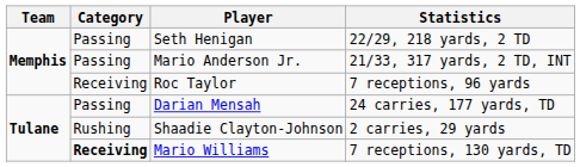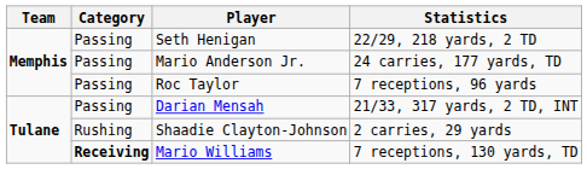 <table class="wikitable" style="float: right;">
 <tr>
 <th>Team</th>
 <th>Category</th>
 <th>Player</th>
 <th>Statistics</th>
 </tr>
 <tr>
 <td rowspan=3><strong>Memphis</strong></td>
 <td>Passing</td>
 <td>Seth Henigan</td>
 <td>22/29, 218 yards, 2 TD</td>
 </tr>
 <tr>
 <td>Passing</td>
 <td>Mario Anderson Jr.</td>
-<td>21/33, 317 yards, 2 TD, INT</td>
+<td>24 carries, 177 yards, TD</td>
 </tr>
 <tr>
-<td>Receiving</td>
+<td>Passing</td>
 <td>Roc Taylor</td>
 <td>7 receptions, 96 yards</td>
 </tr>
 <tr>
 <td rowspan=3><strong>Tulane</strong></td>
 <td>Passing</td>
 <td><a href='#'>Darian Mensah</a></td>
-<td>24 carries, 177 yards, TD</td>
+<td>21/33, 317 yards, 2 TD, INT</td>
 </tr>
 <tr>
 <td>Rushing</td>
 <td>Shaadie Clayton-Johnson</td>
 <td>2 carries, 29 yards</td>
 </tr>
 <tr>
 <td><strong>Receiving</strong></td>
 <td><a href='#'>Mario Williams</a></td>
 <td>7 receptions, 130 yards, TD</td>
 </tr>
 </table>
